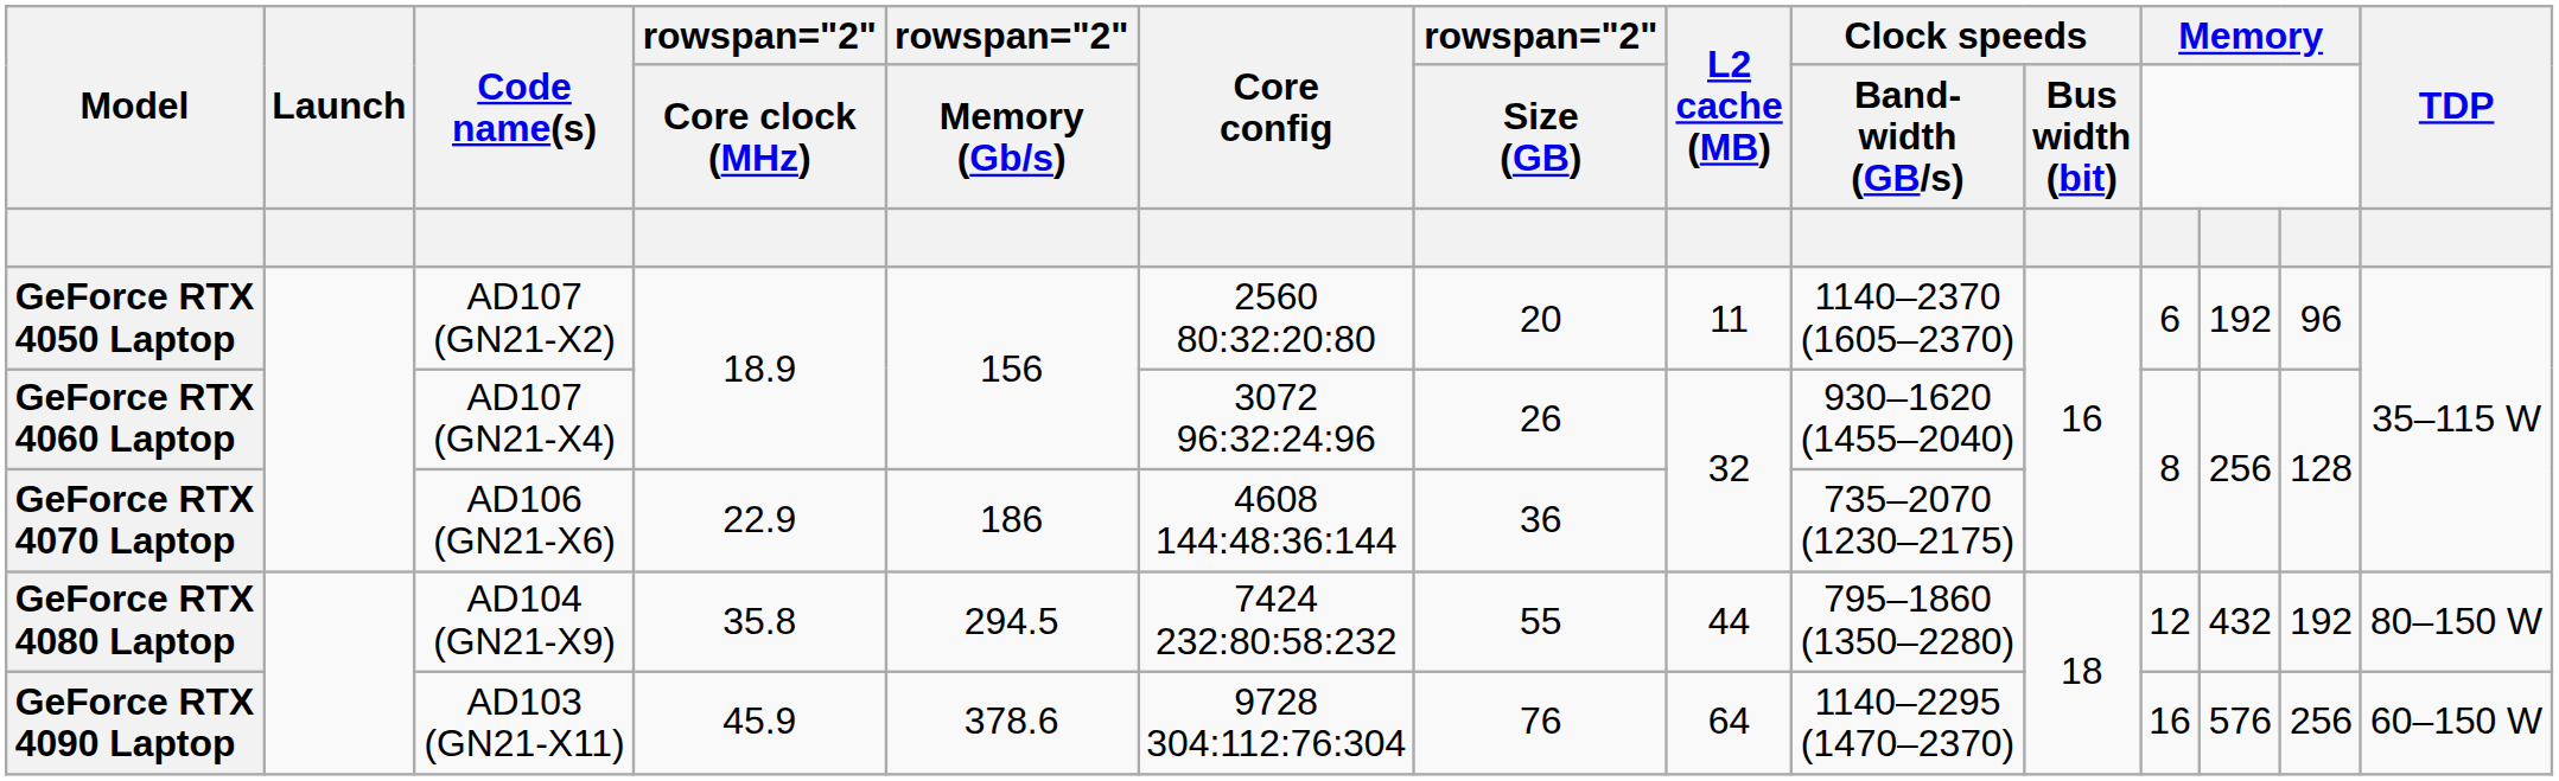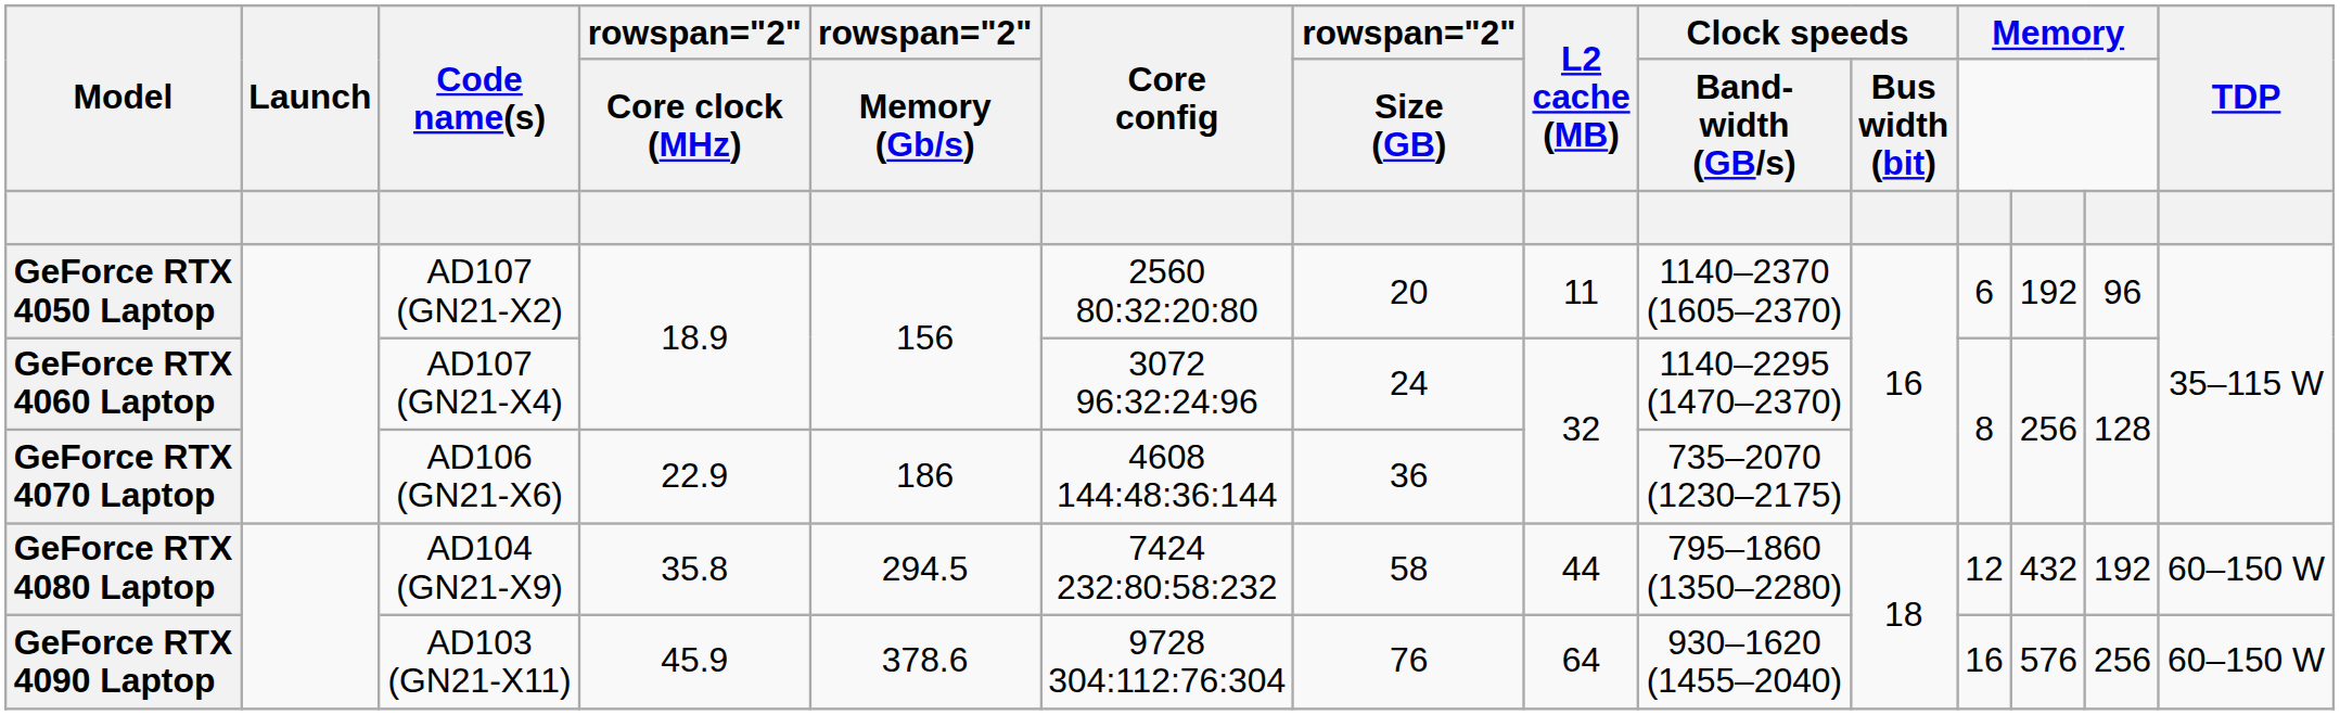 <table class="mw-datatable wikitable sortable" style="font-size:85%; text-align:center;">
 <tr>
 <th rowspan="2">Model</th>
 <th rowspan="2">Launch</th>
 <th rowspan="2"><a href='#'>Code<br>name</a>(s)</th>
 <th>rowspan="2" </th>
 <th>rowspan="2" </th>
 <th rowspan="2">Core<br>config</th>
 <th>rowspan="2" </th>
 <th rowspan="2"><a href='#'>L2<br>cache</a><br>(<a href='#'>MB</a>)</th>
 <th colspan="2">Clock speeds</th>
 <th colspan="3"><a href='#'>Memory</a></th>
 <th rowspan="2"><a href='#'>TDP</a></th>
 </tr>
 <tr>
 <th>Core clock<br>(<a href='#'>MHz</a>)</th>
 <th>Memory<br>(<a href='#'>Gb/s</a>)</th>
 <th>Size<br>(<a href='#'>GB</a>)</th>
 <th>Band-<br>width<br>(<a href='#'>GB</a>/s)</th>
 <th>Bus<br>width<br>(<a href='#'>bit</a>)</th>
 </tr>
 <tr>
 <th style="background-position:center"><br></th>
 <th style="background-position:center"></th>
 <th style="background-position:center"></th>
 <th style="background-position:center"></th>
 <th style="background-position:center"></th>
 <th style="background-position:center"></th>
 <th style="background-position:center"></th>
 <th style="background-position:center"></th>
 <th style="background-position:center"></th>
 <th style="background-position:center"></th>
 <th style="background-position:center"></th>
 <th style="background-position:center"></th>
 <th style="background-position:center"></th>
 <th style="background-position:center"></th>
 </tr>
 <tr>
 <th style="text-align:left;">GeForce RTX<br>4050 Laptop</th>
 <td rowspan="3"></td>
 <td>AD107<br>(GN21-X2)</td>
 <td rowspan="2">18.9</td>
 <td rowspan="2">156</td>
 <td>2560<br>80:32:20:80</td>
 <td>20</td>
 <td>11</td>
 <td>1140–2370<br>(1605–2370)</td>
 <td rowspan="3">16</td>
 <td>6</td>
 <td>192</td>
 <td>96</td>
 <td rowspan="3">35–115 W</td>
 </tr>
 <tr>
 <th style="text-align:left;">GeForce RTX<br>4060 Laptop</th>
 <td>AD107<br>(GN21-X4)</td>
 <td>3072<br>96:32:24:96</td>
-<td>26</td>
+<td>24</td>
 <td rowspan="2">32</td>
-<td>930–1620<br>(1455–2040)</td>
+<td>1140–2295<br>(1470–2370)</td>
 <td rowspan="2">8</td>
 <td rowspan="2">256</td>
 <td rowspan="2">128</td>
 </tr>
 <tr>
 <th style="text-align:left;">GeForce RTX<br>4070 Laptop</th>
 <td>AD106<br>(GN21-X6)</td>
 <td>22.9</td>
 <td>186</td>
 <td>4608<br>144:48:36:144</td>
 <td>36</td>
 <td>735–2070<br>(1230–2175)</td>
 </tr>
 <tr>
 <th style="text-align:left;">GeForce RTX<br>4080 Laptop</th>
 <td rowspan="2"></td>
 <td>AD104<br>(GN21-X9)</td>
 <td>35.8</td>
 <td>294.5</td>
 <td>7424<br>232:80:58:232</td>
-<td>55</td>
+<td>58</td>
 <td>44</td>
 <td>795–1860<br>(1350–2280)</td>
 <td rowspan="2">18</td>
 <td>12</td>
 <td>432</td>
 <td>192</td>
-<td>80–150 W</td>
+<td>60–150 W</td>
 </tr>
 <tr>
 <th style="text-align:left;">GeForce RTX<br>4090 Laptop</th>
 <td>AD103<br>(GN21-X11)</td>
 <td>45.9</td>
 <td>378.6</td>
 <td>9728<br>304:112:76:304</td>
 <td>76</td>
 <td>64</td>
-<td>1140–2295<br>(1470–2370)</td>
+<td>930–1620<br>(1455–2040)</td>
 <td>16</td>
 <td>576</td>
 <td>256</td>
 <td>60–150 W</td>
 </tr>
 </table>
